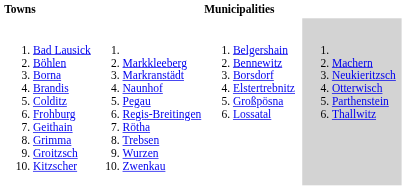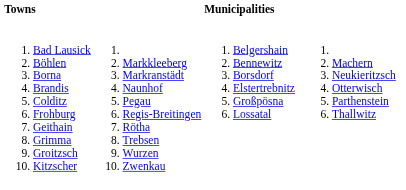 <table>
 <tr>
 <th colspan=2 align=left width=50%>Towns</th>
 <th colspan=2 align=left width=50%>Municipalities</th>
 </tr>
 <tr valign=top>
 <td><br><ol><li><a href='#'>Bad Lausick</a></li><li><a href='#'>Böhlen</a></li><li><a href='#'>Borna</a></li><li><a href='#'>Brandis</a></li><li><a href='#'>Colditz</a></li><li><a href='#'>Frohburg</a></li><li><a href='#'>Geithain</a></li><li><a href='#'>Grimma</a></li><li><a href='#'>Groitzsch</a></li><li><a href='#'>Kitzscher</a></li></ol></td>
 <td><br><ol><li><li><a href='#'>Markkleeberg</a></li><li><a href='#'>Markranstädt</a></li><li><a href='#'>Naunhof</a></li><li><a href='#'>Pegau</a></li><li><a href='#'>Regis-Breitingen</a></li><li><a href='#'>Rötha</a></li><li><a href='#'>Trebsen</a></li><li><a href='#'>Wurzen</a></li><li><a href='#'>Zwenkau</a></li></ol></td>
 <td><br><ol><li><a href='#'>Belgershain</a></li><li><a href='#'>Bennewitz</a></li><li><a href='#'>Borsdorf</a></li><li><a href='#'>Elstertrebnitz</a></li><li><a href='#'>Großpösna</a></li><li><a href='#'>Lossatal</a></li></ol></td>
-<td style="background: lightgrey;"><br><ol><li><li><a href='#'>Machern</a></li><li><a href='#'>Neukieritzsch</a></li><li><a href='#'>Otterwisch</a></li><li><a href='#'>Parthenstein</a></li><li><a href='#'>Thallwitz</a></li></ol></td>
+<td><br><ol><li><li><a href='#'>Machern</a></li><li><a href='#'>Neukieritzsch</a></li><li><a href='#'>Otterwisch</a></li><li><a href='#'>Parthenstein</a></li><li><a href='#'>Thallwitz</a></li></ol></td>
 </tr>
 </table>
